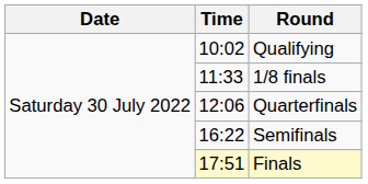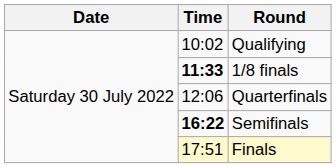 <table class="wikitable">
 <tr>
 <th>Date</th>
 <th>Time</th>
 <th>Round</th>
 </tr>
 <tr>
 <td rowspan=5>Saturday 30 July 2022</td>
 <td>10:02</td>
 <td>Qualifying</td>
 </tr>
 <tr>
-<td>11:33</td>
+<td><strong>11:33</strong></td>
 <td>1/8 finals</td>
 </tr>
 <tr>
 <td>12:06</td>
 <td>Quarterfinals</td>
 </tr>
 <tr>
-<td>16:22</td>
+<td><strong>16:22</strong></td>
 <td>Semifinals</td>
 </tr>
 <tr>
 <td style=background:lemonchiffon>17:51</td>
 <td style=background:lemonchiffon>Finals</td>
 </tr>
 </table>
